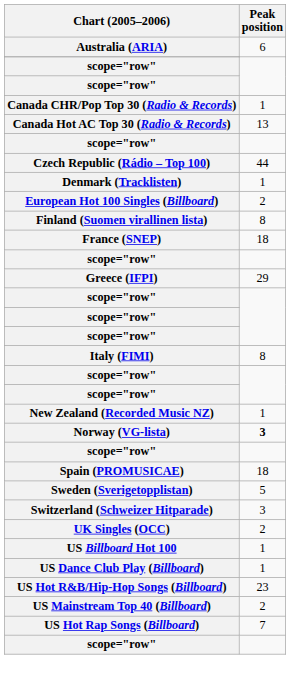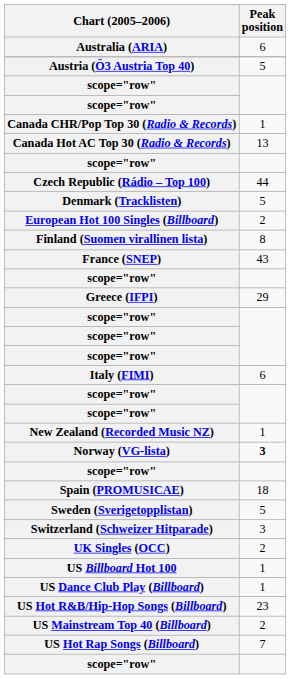 <table class="wikitable sortable plainrowheaders" style="text-align:center">
 <tr>
 <th>Chart (2005–2006)</th>
 <th>Peak<br>position</th>
 </tr>
 <tr>
 <th scope="row">Australia (<a href='#'>ARIA</a>)</th>
 <td>6</td>
 </tr>
 <tr>
+</tr>
+<tr>
+<th scope="row">Austria (<a href='#'>Ö3 Austria Top 40</a>)</th>
+<td>5</td>
 </tr>
 <tr>
 <th>scope="row"</th>
 </tr>
 <tr>
 <th>scope="row"</th>
 </tr>
 <tr>
 <th scope="row">Canada CHR/Pop Top 30 (<em><a href='#'>Radio & Records</a></em>)</th>
 <td>1</td>
 </tr>
 <tr>
 <th scope="row">Canada Hot AC Top 30 (<em><a href='#'>Radio & Records</a></em>)</th>
 <td>13</td>
 </tr>
 <tr>
 <th>scope="row"</th>
 </tr>
 <tr>
 <th scope="row">Czech Republic (<a href='#'>Rádio – Top 100</a>)</th>
 <td>44</td>
 </tr>
 <tr>
 <th scope="row">Denmark (<a href='#'>Tracklisten</a>)</th>
-<td>1</td>
+<td>5</td>
 </tr>
 <tr>
 <th scope="row"><a href='#'>European Hot 100 Singles</a> (<em><a href='#'>Billboard</a></em>)</th>
 <td>2</td>
 </tr>
 <tr>
 <th scope="row">Finland (<a href='#'>Suomen virallinen lista</a>)</th>
 <td>8</td>
 </tr>
 <tr>
 <th scope="row">France (<a href='#'>SNEP</a>)</th>
-<td>18</td>
+<td>43</td>
 </tr>
 <tr>
 <th>scope="row"</th>
 </tr>
 <tr>
 <th scope="row">Greece (<a href='#'>IFPI</a>)</th>
 <td>29</td>
 </tr>
 <tr>
 <th>scope="row"</th>
 </tr>
 <tr>
 <th>scope="row"</th>
 </tr>
 <tr>
 <th>scope="row"</th>
 </tr>
 <tr>
 <th scope="row">Italy (<a href='#'>FIMI</a>)</th>
-<td>8</td>
+<td>6</td>
 </tr>
 <tr>
 <th>scope="row"</th>
 </tr>
 <tr>
 <th>scope="row"</th>
 </tr>
 <tr>
 <th scope="row">New Zealand (<a href='#'>Recorded Music NZ</a>)</th>
 <td>1</td>
 </tr>
 <tr>
 <th scope="row">Norway (<a href='#'>VG-lista</a>)</th>
 <td><strong>3</strong></td>
 </tr>
 <tr>
 <th>scope="row"</th>
 </tr>
 <tr>
 <th scope="row">Spain (<a href='#'>PROMUSICAE</a>)</th>
 <td>18</td>
 </tr>
 <tr>
 <th scope="row">Sweden (<a href='#'>Sverigetopplistan</a>)</th>
 <td>5</td>
 </tr>
 <tr>
 <th scope="row">Switzerland (<a href='#'>Schweizer Hitparade</a>)</th>
 <td>3</td>
 </tr>
 <tr>
 <th scope="row"><a href='#'>UK Singles</a> (<a href='#'>OCC</a>)</th>
 <td>2</td>
 </tr>
 <tr>
 <th scope="row">US <a href='#'><em>Billboard</em> Hot 100</a></th>
 <td>1</td>
 </tr>
 <tr>
 <th scope="row">US <a href='#'>Dance Club Play</a> (<em><a href='#'>Billboard</a></em>)</th>
 <td>1</td>
 </tr>
 <tr>
 <th scope="row">US <a href='#'>Hot R&B/Hip-Hop Songs</a> (<em><a href='#'>Billboard</a></em>)</th>
 <td>23</td>
 </tr>
 <tr>
 <th scope="row">US <a href='#'>Mainstream Top 40</a> (<em><a href='#'>Billboard</a></em>)</th>
 <td>2</td>
 </tr>
 <tr>
 <th scope="row">US <a href='#'>Hot Rap Songs</a> (<em><a href='#'>Billboard</a></em>)</th>
 <td>7</td>
 </tr>
 <tr>
 <th>scope="row" </th>
 </tr>
 </table>
